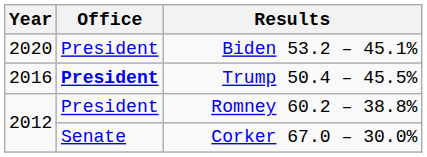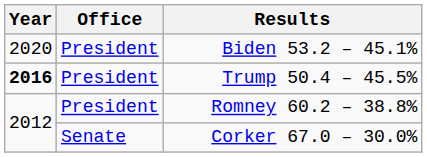 <table class=wikitable>
 <tr>
 <th width="30">Year</th>
 <th width="60">Office</th>
 <th width="180">Results</th>
 </tr>
 <tr>
 <td>2020</td>
 <td><a href='#'>President</a></td>
 <td align="right" ><a href='#'>Biden</a> 53.2 – 45.1%</td>
 </tr>
 <tr>
-<td>2016</td>
-<td><strong><a href='#'>President</a></strong></td>
+<td><strong>2016</strong></td>
+<td><a href='#'>President</a></td>
 <td align="right" ><a href='#'>Trump</a> 50.4 – 45.5%</td>
 </tr>
 <tr>
 <td rowspan="2">2012</td>
 <td><a href='#'>President</a></td>
 <td align="right" ><a href='#'>Romney</a> 60.2 – 38.8%</td>
 </tr>
 <tr>
 <td><a href='#'>Senate</a></td>
 <td align="right" ><a href='#'>Corker</a> 67.0 – 30.0%</td>
 </tr>
 </table>
